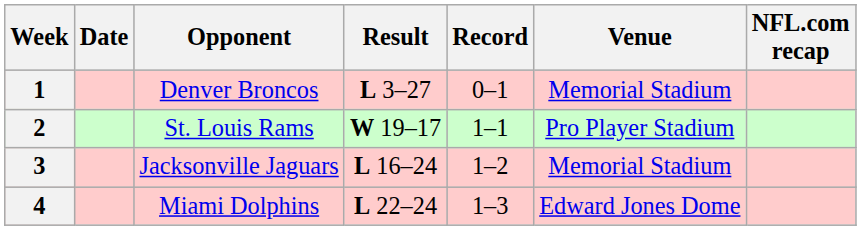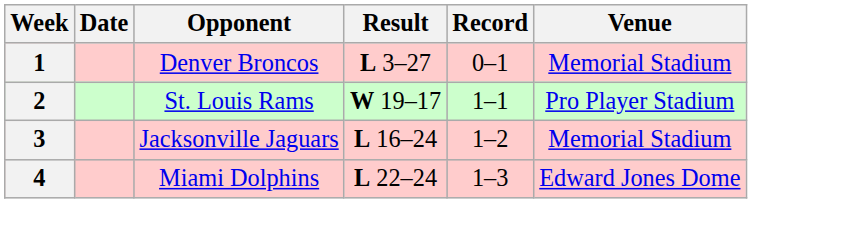 <table class="wikitable" style="text-align:center">
 <tr>
 <th>Week</th>
 <th>Date</th>
 <th>Opponent</th>
 <th>Result</th>
 <th>Record</th>
 <th>Venue</th>
-<th>NFL.com<br>recap</th>
 </tr>
 <tr bgcolor="ffcccc">
 <th>1</th>
 <td></td>
 <td><a href='#'>Denver Broncos</a></td>
 <td><strong>L</strong> 3–27</td>
 <td>0–1</td>
 <td><a href='#'>Memorial Stadium</a></td>
-<td></td>
 </tr>
 <tr bgcolor="ccffcc">
 <th>2</th>
 <td></td>
 <td><a href='#'>St. Louis Rams</a></td>
 <td><strong>W</strong> 19–17</td>
 <td>1–1</td>
 <td><a href='#'>Pro Player Stadium</a></td>
-<td></td>
 </tr>
 <tr bgcolor="ffcccc">
 <th>3</th>
 <td></td>
 <td><a href='#'>Jacksonville Jaguars</a></td>
 <td><strong>L</strong> 16–24</td>
 <td>1–2</td>
 <td><a href='#'>Memorial Stadium</a></td>
-<td></td>
 </tr>
 <tr bgcolor="ffcccc">
 <th>4</th>
 <td></td>
 <td><a href='#'>Miami Dolphins</a></td>
 <td><strong>L</strong> 22–24</td>
 <td>1–3</td>
 <td><a href='#'>Edward Jones Dome</a></td>
-<td></td>
 </tr>
 </table>
